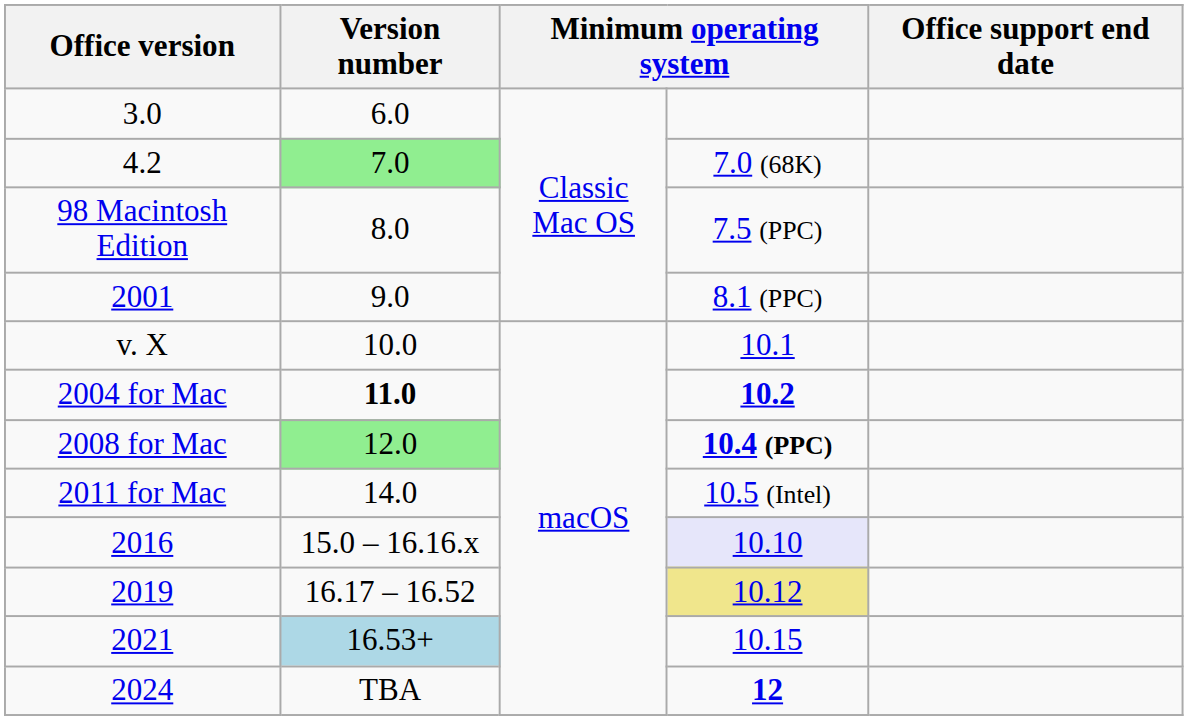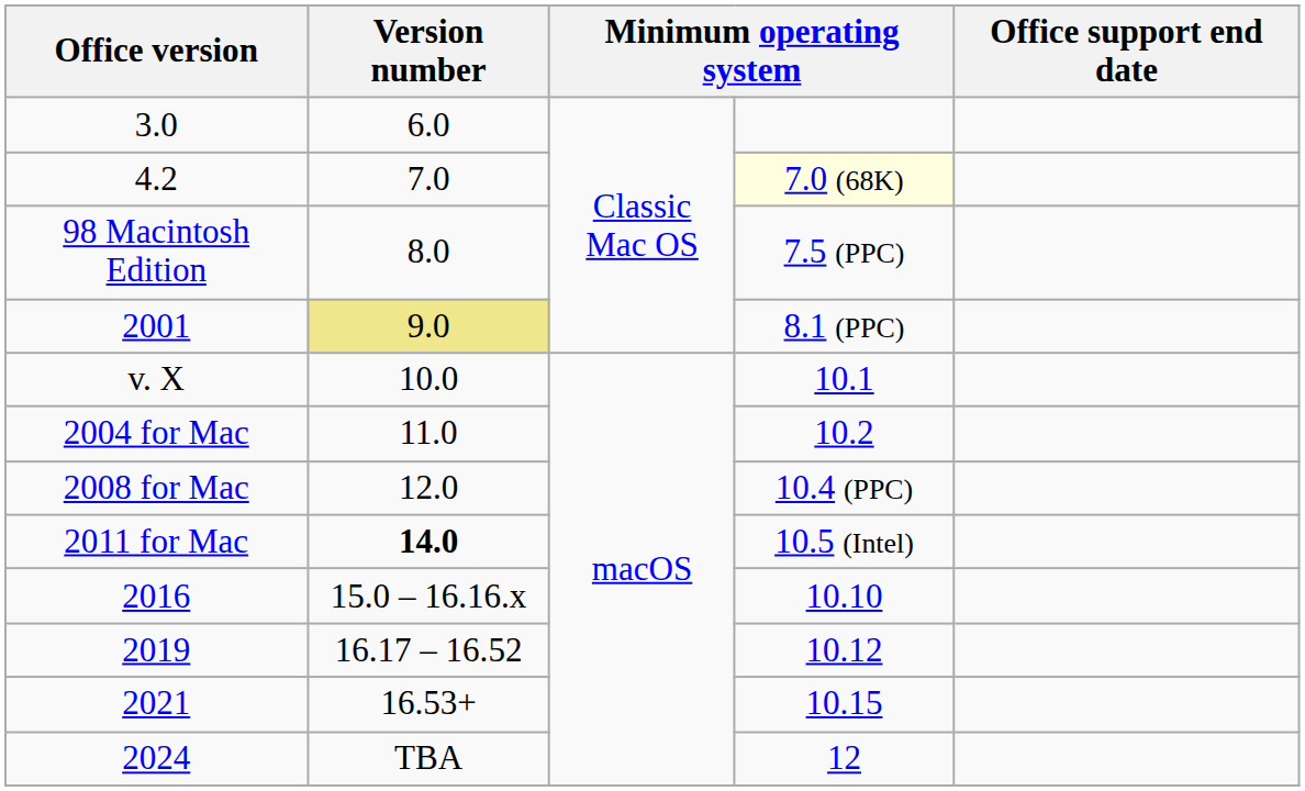 <table class="wikitable" style="text-align:center">
 <tr>
 <th>Office version</th>
 <th>Version number</th>
 <th colspan="2">Minimum <a href='#'>operating system</a></th>
 <th>Office support end date</th>
 </tr>
 <tr>
 <td>3.0</td>
 <td>6.0</td>
 <td rowspan="4"><a href='#'>Classic<br>Mac OS</a></td>
 <td></td>
 <td></td>
 </tr>
 <tr>
 <td>4.2</td>
-<td style="background: lightgreen;">7.0</td>
-<td><a href='#'>7.0</a> <small>(68K)</small></td>
+<td>7.0</td>
+<td style="background: lightyellow;"><a href='#'>7.0</a> <small>(68K)</small></td>
 <td></td>
 </tr>
 <tr>
 <td><a href='#'>98 Macintosh Edition</a></td>
 <td>8.0</td>
 <td><a href='#'>7.5</a> <small>(PPC)</small></td>
 <td></td>
 </tr>
 <tr>
 <td><a href='#'>2001</a></td>
-<td>9.0</td>
+<td style="background: khaki;">9.0</td>
 <td><a href='#'>8.1</a> <small>(PPC)</small></td>
 <td></td>
 </tr>
 <tr>
 <td>v. X</td>
 <td>10.0</td>
 <td rowspan="8"><a href='#'>macOS</a></td>
 <td><a href='#'>10.1</a></td>
 <td></td>
 </tr>
 <tr>
 <td><a href='#'>2004 for Mac</a></td>
-<td><strong>11.0</strong></td>
-<td><strong><a href='#'>10.2</a></strong></td>
+<td>11.0</td>
+<td><a href='#'>10.2</a></td>
 <td></td>
 </tr>
 <tr>
 <td><a href='#'>2008 for Mac</a></td>
-<td style="background: lightgreen;">12.0</td>
-<td><strong><a href='#'>10.4</a> <small>(PPC)</small></strong></td>
+<td>12.0</td>
+<td><a href='#'>10.4</a> <small>(PPC)</small></td>
 <td></td>
 </tr>
 <tr>
 <td><a href='#'>2011 for Mac</a></td>
-<td>14.0</td>
+<td><strong>14.0</strong></td>
 <td><a href='#'>10.5</a> <small>(Intel)</small></td>
 <td></td>
 </tr>
 <tr>
 <td><a href='#'>2016</a></td>
 <td>15.0 – 16.16.x</td>
-<td style="background: lavender;"><a href='#'>10.10</a></td>
+<td><a href='#'>10.10</a></td>
 <td></td>
 </tr>
 <tr>
 <td><a href='#'>2019</a></td>
 <td>16.17 – 16.52</td>
-<td style="background: khaki;"><a href='#'>10.12</a></td>
+<td><a href='#'>10.12</a></td>
 <td></td>
 </tr>
 <tr>
 <td><a href='#'>2021</a></td>
-<td style="background: lightblue;">16.53+</td>
+<td>16.53+</td>
 <td><a href='#'>10.15</a></td>
 <td></td>
 </tr>
 <tr>
 <td><a href='#'>2024</a></td>
 <td>TBA</td>
-<td><strong><a href='#'>12</a></strong></td>
+<td><a href='#'>12</a></td>
 <td></td>
 </tr>
 </table>
